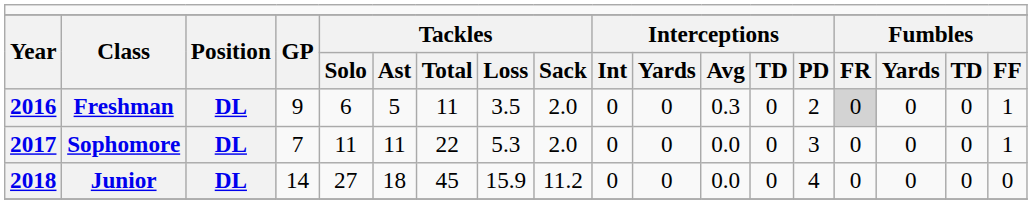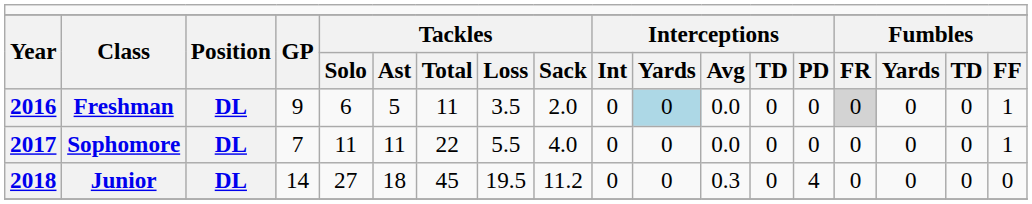 <table class="wikitable" style="text-align:center;">
 <tr>
 <td ! colspan="18"></td>
 </tr>
 <tr align="center">
 </tr>
 <tr>
 <th rowspan="2">Year</th>
 <th rowspan="2">Class</th>
 <th rowspan="2">Position</th>
 <th rowspan="2">GP</th>
 <th colspan="5">Tackles</th>
 <th colspan="5">Interceptions</th>
 <th colspan="4">Fumbles</th>
 </tr>
 <tr>
 <th>Solo</th>
 <th>Ast</th>
 <th>Total</th>
 <th>Loss</th>
 <th>Sack</th>
 <th>Int</th>
 <th>Yards</th>
 <th>Avg</th>
 <th>TD</th>
 <th>PD</th>
 <th>FR</th>
 <th>Yards</th>
 <th>TD</th>
 <th>FF</th>
 </tr>
 <tr>
 <th><a href='#'>2016</a></th>
 <th><a href='#'>Freshman</a></th>
 <th><a href='#'>DL</a></th>
 <td>9</td>
 <td>6</td>
 <td>5</td>
 <td>11</td>
 <td>3.5</td>
 <td>2.0</td>
 <td>0</td>
+<td style="background: lightblue;">0</td>
+<td>0.0</td>
 <td>0</td>
-<td>0.3</td>
 <td>0</td>
-<td>2</td>
 <td style="background: lightgrey;">0</td>
 <td>0</td>
 <td>0</td>
 <td>1</td>
 </tr>
 <tr>
 <th><a href='#'>2017</a></th>
 <th><a href='#'>Sophomore</a></th>
 <th><a href='#'>DL</a></th>
 <td>7</td>
 <td>11</td>
 <td>11</td>
 <td>22</td>
-<td>5.3</td>
-<td>2.0</td>
+<td>5.5</td>
+<td>4.0</td>
 <td>0</td>
 <td>0</td>
 <td>0.0</td>
 <td>0</td>
-<td>3</td>
+<td>0</td>
 <td>0</td>
 <td>0</td>
 <td>0</td>
 <td>1</td>
 </tr>
 <tr>
 <th><a href='#'>2018</a></th>
 <th><a href='#'>Junior</a></th>
 <th><a href='#'>DL</a></th>
 <td>14</td>
 <td>27</td>
 <td>18</td>
 <td>45</td>
-<td>15.9</td>
+<td>19.5</td>
 <td>11.2</td>
 <td>0</td>
 <td>0</td>
-<td>0.0</td>
+<td>0.3</td>
 <td>0</td>
 <td>4</td>
 <td>0</td>
 <td>0</td>
 <td>0</td>
 <td>0</td>
 </tr>
 <tr>
 </tr>
 </table>
